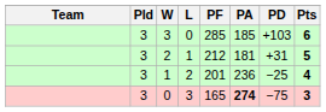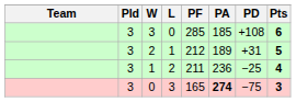 <table class=wikitable>
 <tr align=center>
 </tr>
 <tr>
 <th width=150>Team</th>
 <th width=20>Pld</th>
 <th width=20>W</th>
 <th width=20>L</th>
 <th width=30>PF</th>
 <th width=30>PA</th>
 <th width=30>PD</th>
 <th width=20>Pts</th>
 </tr>
 <tr align=center bgcolor=#ccffcc>
 <td align=left></td>
 <td>3</td>
 <td>3</td>
 <td>0</td>
 <td>285</td>
 <td>185</td>
-<td>+103</td>
+<td>+108</td>
 <td><strong>6</strong></td>
 </tr>
 <tr align=center bgcolor=#ccffcc>
 <td align=left></td>
 <td>3</td>
 <td>2</td>
 <td>1</td>
 <td>212</td>
-<td>181</td>
+<td>189</td>
 <td>+31</td>
 <td><strong>5</strong></td>
 </tr>
 <tr align=center bgcolor=#ccffcc>
 <td align=left></td>
 <td>3</td>
 <td>1</td>
 <td>2</td>
-<td>201</td>
+<td>211</td>
 <td>236</td>
 <td>−25</td>
 <td><strong>4</strong></td>
 </tr>
 <tr align=center bgcolor=#ffcccc>
 <td align=left></td>
 <td>3</td>
 <td>0</td>
 <td>3</td>
 <td>165</td>
 <td><strong>274</strong></td>
 <td>−75</td>
 <td><strong>3</strong></td>
 </tr>
 </table>
